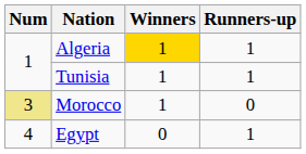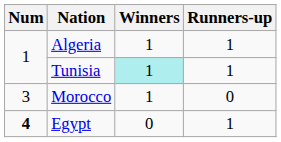 <table class="wikitable sortable">
 <tr>
 <th>Num</th>
 <th>Nation</th>
 <th>Winners</th>
 <th>Runners-up</th>
 </tr>
 <tr>
 <td align=center rowspan=2>1</td>
 <td> <a href='#'>Algeria</a></td>
-<td align=center style="background: gold;">1</td>
+<td align=center>1</td>
 <td align=center>1</td>
 </tr>
 <tr>
 <td> <a href='#'>Tunisia</a></td>
-<td align=center>1</td>
+<td align=center style="background: paleturquoise;">1</td>
 <td align=center>1</td>
 </tr>
 <tr>
-<td align=center style="background: khaki;">3</td>
+<td align=center>3</td>
 <td> <a href='#'>Morocco</a></td>
 <td align=center>1</td>
 <td align=center>0</td>
 </tr>
 <tr>
-<td align=center>4</td>
+<td align=center><strong>4</strong></td>
 <td> <a href='#'>Egypt</a></td>
 <td align=center>0</td>
 <td align=center>1</td>
 </tr>
 </table>
